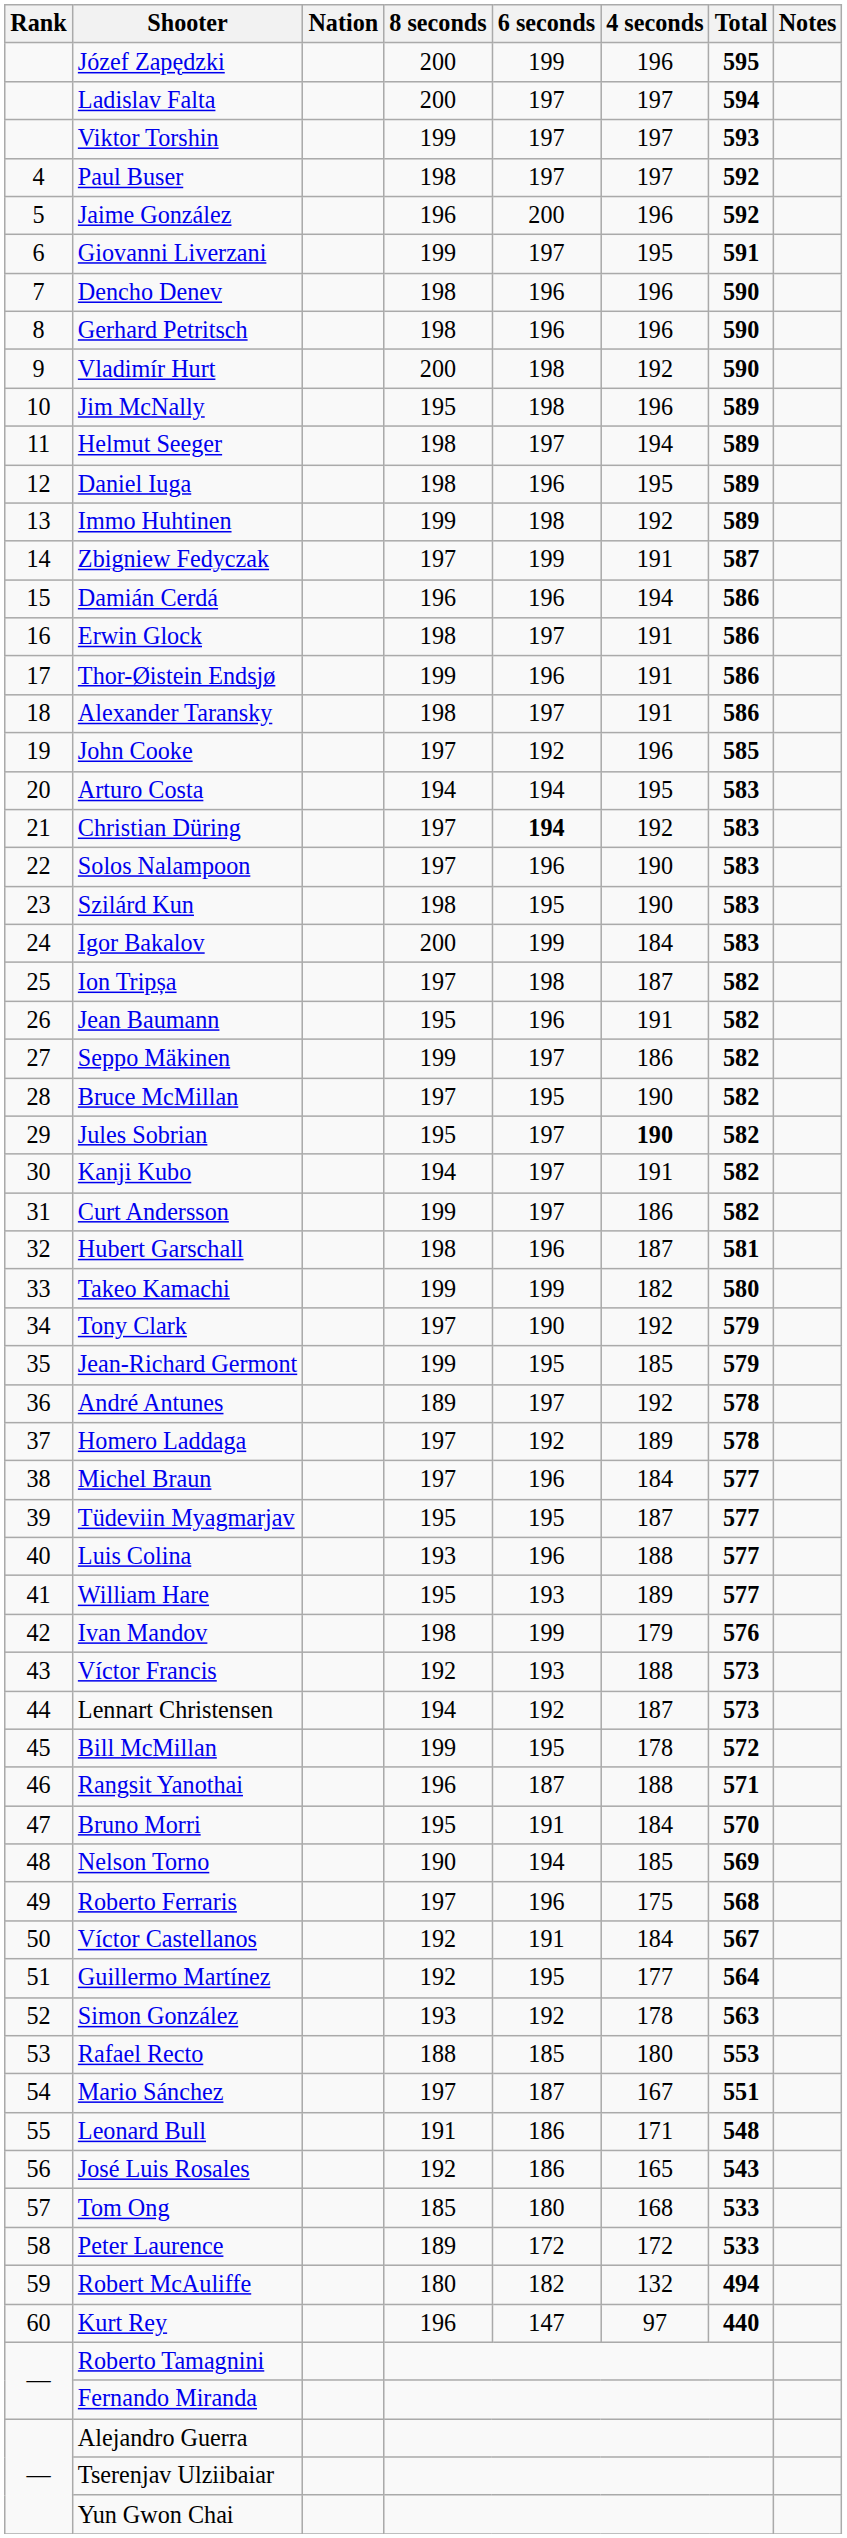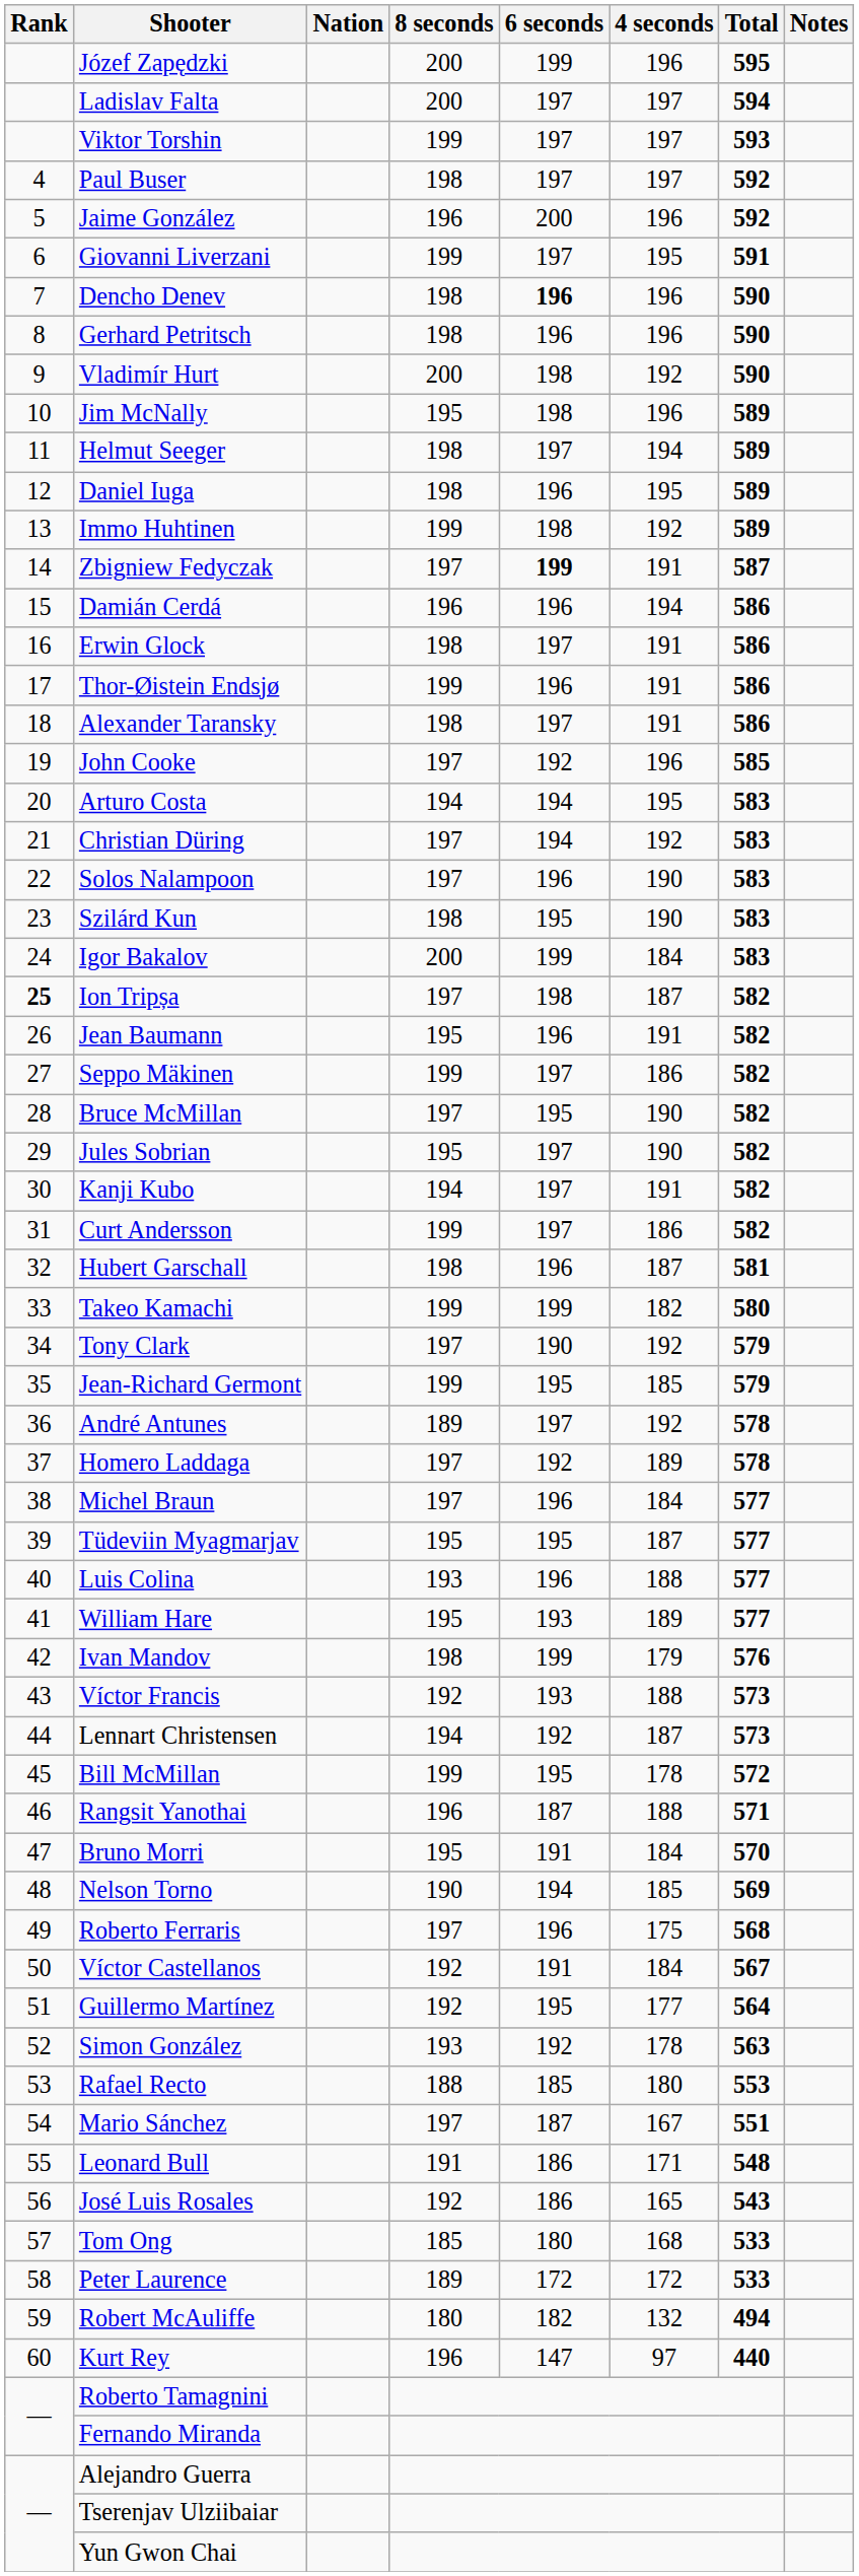 <table class="wikitable sortable" style="text-align: center">
 <tr>
 <th>Rank</th>
 <th>Shooter</th>
 <th>Nation</th>
 <th>8 seconds</th>
 <th>6 seconds</th>
 <th>4 seconds</th>
 <th>Total</th>
 <th>Notes</th>
 </tr>
 <tr>
 <td></td>
 <td align=left><a href='#'>Józef Zapędzki</a></td>
 <td style="text-align: left"></td>
 <td>200</td>
 <td>199</td>
 <td>196</td>
 <td><strong>595</strong></td>
 <td></td>
 </tr>
 <tr>
 <td></td>
 <td align=left><a href='#'>Ladislav Falta</a></td>
 <td style="text-align: left"></td>
 <td>200</td>
 <td>197</td>
 <td>197</td>
 <td><strong>594</strong></td>
 <td></td>
 </tr>
 <tr>
 <td></td>
 <td align=left><a href='#'>Viktor Torshin</a></td>
 <td style="text-align: left"></td>
 <td>199</td>
 <td>197</td>
 <td>197</td>
 <td><strong>593</strong></td>
 <td></td>
 </tr>
 <tr>
 <td>4</td>
 <td align=left><a href='#'>Paul Buser</a></td>
 <td style="text-align: left"></td>
 <td>198</td>
 <td>197</td>
 <td>197</td>
 <td><strong>592</strong></td>
 <td></td>
 </tr>
 <tr>
 <td>5</td>
 <td align=left><a href='#'>Jaime González</a></td>
 <td style="text-align: left"></td>
 <td>196</td>
 <td>200</td>
 <td>196</td>
 <td><strong>592</strong></td>
 <td></td>
 </tr>
 <tr>
 <td>6</td>
 <td align=left><a href='#'>Giovanni Liverzani</a></td>
 <td style="text-align: left"></td>
 <td>199</td>
 <td>197</td>
 <td>195</td>
 <td><strong>591</strong></td>
 <td></td>
 </tr>
 <tr>
 <td>7</td>
 <td align=left><a href='#'>Dencho Denev</a></td>
 <td style="text-align: left"></td>
 <td>198</td>
-<td>196</td>
+<td><strong>196</strong></td>
 <td>196</td>
 <td><strong>590</strong></td>
 <td></td>
 </tr>
 <tr>
 <td>8</td>
 <td align=left><a href='#'>Gerhard Petritsch</a></td>
 <td style="text-align: left"></td>
 <td>198</td>
 <td>196</td>
 <td>196</td>
 <td><strong>590</strong></td>
 <td></td>
 </tr>
 <tr>
 <td>9</td>
 <td align=left><a href='#'>Vladimír Hurt</a></td>
 <td style="text-align: left"></td>
 <td>200</td>
 <td>198</td>
 <td>192</td>
 <td><strong>590</strong></td>
 <td></td>
 </tr>
 <tr>
 <td>10</td>
 <td align=left><a href='#'>Jim McNally</a></td>
 <td style="text-align: left"></td>
 <td>195</td>
 <td>198</td>
 <td>196</td>
 <td><strong>589</strong></td>
 <td></td>
 </tr>
 <tr>
 <td>11</td>
 <td align=left><a href='#'>Helmut Seeger</a></td>
 <td style="text-align: left"></td>
 <td>198</td>
 <td>197</td>
 <td>194</td>
 <td><strong>589</strong></td>
 <td></td>
 </tr>
 <tr>
 <td>12</td>
 <td align=left><a href='#'>Daniel Iuga</a></td>
 <td style="text-align: left"></td>
 <td>198</td>
 <td>196</td>
 <td>195</td>
 <td><strong>589</strong></td>
 <td></td>
 </tr>
 <tr>
 <td>13</td>
 <td align=left><a href='#'>Immo Huhtinen</a></td>
 <td style="text-align: left"></td>
 <td>199</td>
 <td>198</td>
 <td>192</td>
 <td><strong>589</strong></td>
 <td></td>
 </tr>
 <tr>
 <td>14</td>
 <td align=left><a href='#'>Zbigniew Fedyczak</a></td>
 <td style="text-align: left"></td>
 <td>197</td>
-<td>199</td>
+<td><strong>199</strong></td>
 <td>191</td>
 <td><strong>587</strong></td>
 <td></td>
 </tr>
 <tr>
 <td>15</td>
 <td align=left><a href='#'>Damián Cerdá</a></td>
 <td style="text-align: left"></td>
 <td>196</td>
 <td>196</td>
 <td>194</td>
 <td><strong>586</strong></td>
 <td></td>
 </tr>
 <tr>
 <td>16</td>
 <td align=left><a href='#'>Erwin Glock</a></td>
 <td style="text-align: left"></td>
 <td>198</td>
 <td>197</td>
 <td>191</td>
 <td><strong>586</strong></td>
 <td></td>
 </tr>
 <tr>
 <td>17</td>
 <td align=left><a href='#'>Thor-Øistein Endsjø</a></td>
 <td style="text-align: left"></td>
 <td>199</td>
 <td>196</td>
 <td>191</td>
 <td><strong>586</strong></td>
 <td></td>
 </tr>
 <tr>
 <td>18</td>
 <td align=left><a href='#'>Alexander Taransky</a></td>
 <td style="text-align: left"></td>
 <td>198</td>
 <td>197</td>
 <td>191</td>
 <td><strong>586</strong></td>
 <td></td>
 </tr>
 <tr>
 <td>19</td>
 <td align=left><a href='#'>John Cooke</a></td>
 <td style="text-align: left"></td>
 <td>197</td>
 <td>192</td>
 <td>196</td>
 <td><strong>585</strong></td>
 <td></td>
 </tr>
 <tr>
 <td>20</td>
 <td align=left><a href='#'>Arturo Costa</a></td>
 <td style="text-align: left"></td>
 <td>194</td>
 <td>194</td>
 <td>195</td>
 <td><strong>583</strong></td>
 <td></td>
 </tr>
 <tr>
 <td>21</td>
 <td align=left><a href='#'>Christian Düring</a></td>
 <td style="text-align: left"></td>
 <td>197</td>
-<td><strong>194</strong></td>
+<td>194</td>
 <td>192</td>
 <td><strong>583</strong></td>
 <td></td>
 </tr>
 <tr>
 <td>22</td>
 <td align=left><a href='#'>Solos Nalampoon</a></td>
 <td style="text-align: left"></td>
 <td>197</td>
 <td>196</td>
 <td>190</td>
 <td><strong>583</strong></td>
 <td></td>
 </tr>
 <tr>
 <td>23</td>
 <td align=left><a href='#'>Szilárd Kun</a></td>
 <td style="text-align: left"></td>
 <td>198</td>
 <td>195</td>
 <td>190</td>
 <td><strong>583</strong></td>
 <td></td>
 </tr>
 <tr>
 <td>24</td>
 <td align=left><a href='#'>Igor Bakalov</a></td>
 <td style="text-align: left"></td>
 <td>200</td>
 <td>199</td>
 <td>184</td>
 <td><strong>583</strong></td>
 <td></td>
 </tr>
 <tr>
-<td>25</td>
+<td><strong>25</strong></td>
 <td align=left><a href='#'>Ion Tripșa</a></td>
 <td style="text-align: left"></td>
 <td>197</td>
 <td>198</td>
 <td>187</td>
 <td><strong>582</strong></td>
 <td></td>
 </tr>
 <tr>
 <td>26</td>
 <td align=left><a href='#'>Jean Baumann</a></td>
 <td style="text-align: left"></td>
 <td>195</td>
 <td>196</td>
 <td>191</td>
 <td><strong>582</strong></td>
 <td></td>
 </tr>
 <tr>
 <td>27</td>
 <td align=left><a href='#'>Seppo Mäkinen</a></td>
 <td style="text-align: left"></td>
 <td>199</td>
 <td>197</td>
 <td>186</td>
 <td><strong>582</strong></td>
 <td></td>
 </tr>
 <tr>
 <td>28</td>
 <td align=left><a href='#'>Bruce McMillan</a></td>
 <td style="text-align: left"></td>
 <td>197</td>
 <td>195</td>
 <td>190</td>
 <td><strong>582</strong></td>
 <td></td>
 </tr>
 <tr>
 <td>29</td>
 <td align=left><a href='#'>Jules Sobrian</a></td>
 <td style="text-align: left"></td>
 <td>195</td>
 <td>197</td>
-<td><strong>190</strong></td>
+<td>190</td>
 <td><strong>582</strong></td>
 <td></td>
 </tr>
 <tr>
 <td>30</td>
 <td align=left><a href='#'>Kanji Kubo</a></td>
 <td style="text-align: left"></td>
 <td>194</td>
 <td>197</td>
 <td>191</td>
 <td><strong>582</strong></td>
 <td></td>
 </tr>
 <tr>
 <td>31</td>
 <td align=left><a href='#'>Curt Andersson</a></td>
 <td style="text-align: left"></td>
 <td>199</td>
 <td>197</td>
 <td>186</td>
 <td><strong>582</strong></td>
 <td></td>
 </tr>
 <tr>
 <td>32</td>
 <td align=left><a href='#'>Hubert Garschall</a></td>
 <td style="text-align: left"></td>
 <td>198</td>
 <td>196</td>
 <td>187</td>
 <td><strong>581</strong></td>
 <td></td>
 </tr>
 <tr>
 <td>33</td>
 <td align=left><a href='#'>Takeo Kamachi</a></td>
 <td style="text-align: left"></td>
 <td>199</td>
 <td>199</td>
 <td>182</td>
 <td><strong>580</strong></td>
 <td></td>
 </tr>
 <tr>
 <td>34</td>
 <td align=left><a href='#'>Tony Clark</a></td>
 <td style="text-align: left"></td>
 <td>197</td>
 <td>190</td>
 <td>192</td>
 <td><strong>579</strong></td>
 <td></td>
 </tr>
 <tr>
 <td>35</td>
 <td align=left><a href='#'>Jean-Richard Germont</a></td>
 <td style="text-align: left"></td>
 <td>199</td>
 <td>195</td>
 <td>185</td>
 <td><strong>579</strong></td>
 <td></td>
 </tr>
 <tr>
 <td>36</td>
 <td align=left><a href='#'>André Antunes</a></td>
 <td style="text-align: left"></td>
 <td>189</td>
 <td>197</td>
 <td>192</td>
 <td><strong>578</strong></td>
 <td></td>
 </tr>
 <tr>
 <td>37</td>
 <td align=left><a href='#'>Homero Laddaga</a></td>
 <td style="text-align: left"></td>
 <td>197</td>
 <td>192</td>
 <td>189</td>
 <td><strong>578</strong></td>
 <td></td>
 </tr>
 <tr>
 <td>38</td>
 <td align=left><a href='#'>Michel Braun</a></td>
 <td style="text-align: left"></td>
 <td>197</td>
 <td>196</td>
 <td>184</td>
 <td><strong>577</strong></td>
 <td></td>
 </tr>
 <tr>
 <td>39</td>
 <td align=left><a href='#'>Tüdeviin Myagmarjav</a></td>
 <td style="text-align: left"></td>
 <td>195</td>
 <td>195</td>
 <td>187</td>
 <td><strong>577</strong></td>
 <td></td>
 </tr>
 <tr>
 <td>40</td>
 <td align=left><a href='#'>Luis Colina</a></td>
 <td style="text-align: left"></td>
 <td>193</td>
 <td>196</td>
 <td>188</td>
 <td><strong>577</strong></td>
 <td></td>
 </tr>
 <tr>
 <td>41</td>
 <td align=left><a href='#'>William Hare</a></td>
 <td style="text-align: left"></td>
 <td>195</td>
 <td>193</td>
 <td>189</td>
 <td><strong>577</strong></td>
 <td></td>
 </tr>
 <tr>
 <td>42</td>
 <td align=left><a href='#'>Ivan Mandov</a></td>
 <td style="text-align: left"></td>
 <td>198</td>
 <td>199</td>
 <td>179</td>
 <td><strong>576</strong></td>
 <td></td>
 </tr>
 <tr>
 <td>43</td>
 <td align=left><a href='#'>Víctor Francis</a></td>
 <td style="text-align: left"></td>
 <td>192</td>
 <td>193</td>
 <td>188</td>
 <td><strong>573</strong></td>
 <td></td>
 </tr>
 <tr>
 <td>44</td>
 <td align=left>Lennart Christensen</td>
 <td style="text-align: left"></td>
 <td>194</td>
 <td>192</td>
 <td>187</td>
 <td><strong>573</strong></td>
 <td></td>
 </tr>
 <tr>
 <td>45</td>
 <td align=left><a href='#'>Bill McMillan</a></td>
 <td style="text-align: left"></td>
 <td>199</td>
 <td>195</td>
 <td>178</td>
 <td><strong>572</strong></td>
 <td></td>
 </tr>
 <tr>
 <td>46</td>
 <td align=left><a href='#'>Rangsit Yanothai</a></td>
 <td style="text-align: left"></td>
 <td>196</td>
 <td>187</td>
 <td>188</td>
 <td><strong>571</strong></td>
 <td></td>
 </tr>
 <tr>
 <td>47</td>
 <td align=left><a href='#'>Bruno Morri</a></td>
 <td style="text-align: left"></td>
 <td>195</td>
 <td>191</td>
 <td>184</td>
 <td><strong>570</strong></td>
 <td></td>
 </tr>
 <tr>
 <td>48</td>
 <td align=left><a href='#'>Nelson Torno</a></td>
 <td style="text-align: left"></td>
 <td>190</td>
 <td>194</td>
 <td>185</td>
 <td><strong>569</strong></td>
 <td></td>
 </tr>
 <tr>
 <td>49</td>
 <td align=left><a href='#'>Roberto Ferraris</a></td>
 <td style="text-align: left"></td>
 <td>197</td>
 <td>196</td>
 <td>175</td>
 <td><strong>568</strong></td>
 <td></td>
 </tr>
 <tr>
 <td>50</td>
 <td align=left><a href='#'>Víctor Castellanos</a></td>
 <td style="text-align: left"></td>
 <td>192</td>
 <td>191</td>
 <td>184</td>
 <td><strong>567</strong></td>
 <td></td>
 </tr>
 <tr>
 <td>51</td>
 <td align=left><a href='#'>Guillermo Martínez</a></td>
 <td style="text-align: left"></td>
 <td>192</td>
 <td>195</td>
 <td>177</td>
 <td><strong>564</strong></td>
 <td></td>
 </tr>
 <tr>
 <td>52</td>
 <td align=left><a href='#'>Simon González</a></td>
 <td style="text-align: left"></td>
 <td>193</td>
 <td>192</td>
 <td>178</td>
 <td><strong>563</strong></td>
 <td></td>
 </tr>
 <tr>
 <td>53</td>
 <td align=left><a href='#'>Rafael Recto</a></td>
 <td style="text-align: left"></td>
 <td>188</td>
 <td>185</td>
 <td>180</td>
 <td><strong>553</strong></td>
 <td></td>
 </tr>
 <tr>
 <td>54</td>
 <td align=left><a href='#'>Mario Sánchez</a></td>
 <td style="text-align: left"></td>
 <td>197</td>
 <td>187</td>
 <td>167</td>
 <td><strong>551</strong></td>
 <td></td>
 </tr>
 <tr>
 <td>55</td>
 <td align=left><a href='#'>Leonard Bull</a></td>
 <td style="text-align: left"></td>
 <td>191</td>
 <td>186</td>
 <td>171</td>
 <td><strong>548</strong></td>
 <td></td>
 </tr>
 <tr>
 <td>56</td>
 <td align=left><a href='#'>José Luis Rosales</a></td>
 <td style="text-align: left"></td>
 <td>192</td>
 <td>186</td>
 <td>165</td>
 <td><strong>543</strong></td>
 <td></td>
 </tr>
 <tr>
 <td>57</td>
 <td align=left><a href='#'>Tom Ong</a></td>
 <td style="text-align: left"></td>
 <td>185</td>
 <td>180</td>
 <td>168</td>
 <td><strong>533</strong></td>
 <td></td>
 </tr>
 <tr>
 <td>58</td>
 <td align=left><a href='#'>Peter Laurence</a></td>
 <td style="text-align: left"></td>
 <td>189</td>
 <td>172</td>
 <td>172</td>
 <td><strong>533</strong></td>
 <td></td>
 </tr>
 <tr>
 <td>59</td>
 <td align=left><a href='#'>Robert McAuliffe</a></td>
 <td style="text-align: left"></td>
 <td>180</td>
 <td>182</td>
 <td>132</td>
 <td><strong>494</strong></td>
 <td></td>
 </tr>
 <tr>
 <td>60</td>
 <td align=left><a href='#'>Kurt Rey</a></td>
 <td style="text-align: left"></td>
 <td>196</td>
 <td>147</td>
 <td>97</td>
 <td><strong>440</strong></td>
 <td></td>
 </tr>
 <tr>
 <td rowspan=2 data-sort-value=61>—</td>
 <td align=left><a href='#'>Roberto Tamagnini</a></td>
 <td style="text-align: left"></td>
 <td colspan=4 data-sort-value=0></td>
 <td></td>
 </tr>
 <tr>
 <td align=left><a href='#'>Fernando Miranda</a></td>
 <td style="text-align: left"></td>
 <td colspan=4 data-sort-value=0></td>
 <td></td>
 </tr>
 <tr>
 <td rowspan=3 data-sort-value=63>—</td>
 <td align=left>Alejandro Guerra</td>
 <td style="text-align: left"></td>
 <td colspan=4 data-sort-value=0></td>
 <td></td>
 </tr>
 <tr>
 <td align=left>Tserenjav Ulziibaiar</td>
 <td style="text-align: left"></td>
 <td colspan=4 data-sort-value=0></td>
 <td></td>
 </tr>
 <tr>
 <td align=left>Yun Gwon Chai</td>
 <td style="text-align: left"></td>
 <td colspan=4 data-sort-value=0></td>
 <td></td>
 </tr>
 </table>
